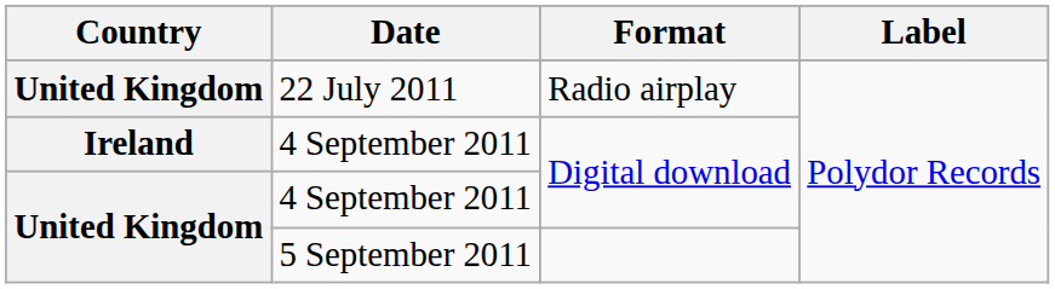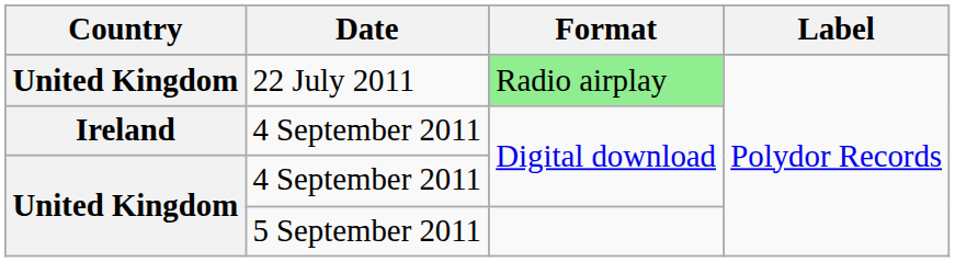 <table class="wikitable plainrowheaders">
 <tr>
 <th scope="col">Country</th>
 <th scope="col">Date</th>
 <th scope="col">Format</th>
 <th scope="col">Label</th>
 </tr>
 <tr>
 <th scope="row">United Kingdom</th>
 <td>22 July 2011</td>
-<td>Radio airplay</td>
+<td style="background: lightgreen;">Radio airplay</td>
 <td rowspan="4"><a href='#'>Polydor Records</a></td>
 </tr>
 <tr>
 <th scope="row">Ireland</th>
 <td>4 September 2011</td>
 <td rowspan="2"><a href='#'>Digital download</a></td>
 </tr>
 <tr>
 <th scope="row" rowspan="2">United Kingdom</th>
 <td>4 September 2011</td>
 </tr>
 <tr>
 <td>5 September 2011</td>
 <td></td>
 </tr>
 </table>
